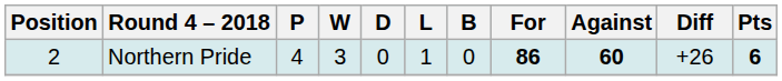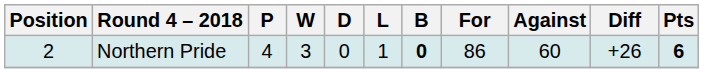 <table class="wikitable" style="text-align:center; font-size:85%;">
 <tr style="background: #d7ebed;">
 <th width="40" abbr="Position">Position</th>
 <th width="100">Round 4 – 2018</th>
 <th width="20" abbr="Played">P</th>
 <th width="20" abbr="Won">W</th>
 <th width="20" abbr="Drawn">D</th>
 <th width="20" abbr="Lost">L</th>
 <th width="20" abbr="Bye">B</th>
 <th width="40" abbr="Points for">For</th>
 <th width="40" abbr="Points against">Against</th>
 <th width="40" abbr="Points difference">Diff</th>
 <th width=20 abbr="Points">Pts</th>
 </tr>
 <tr style="background: #d7ebed;">
 <td>2</td>
 <td style="text-align:left;"> Northern Pride</td>
 <td>4</td>
 <td>3</td>
 <td>0</td>
 <td>1</td>
-<td>0</td>
-<td><strong>86</strong></td>
-<td><strong>60</strong></td>
+<td><strong>0</strong></td>
+<td>86</td>
+<td>60</td>
 <td>+26</td>
 <td><strong>6</strong></td>
 </tr>
 <tr>
 </tr>
 </table>
